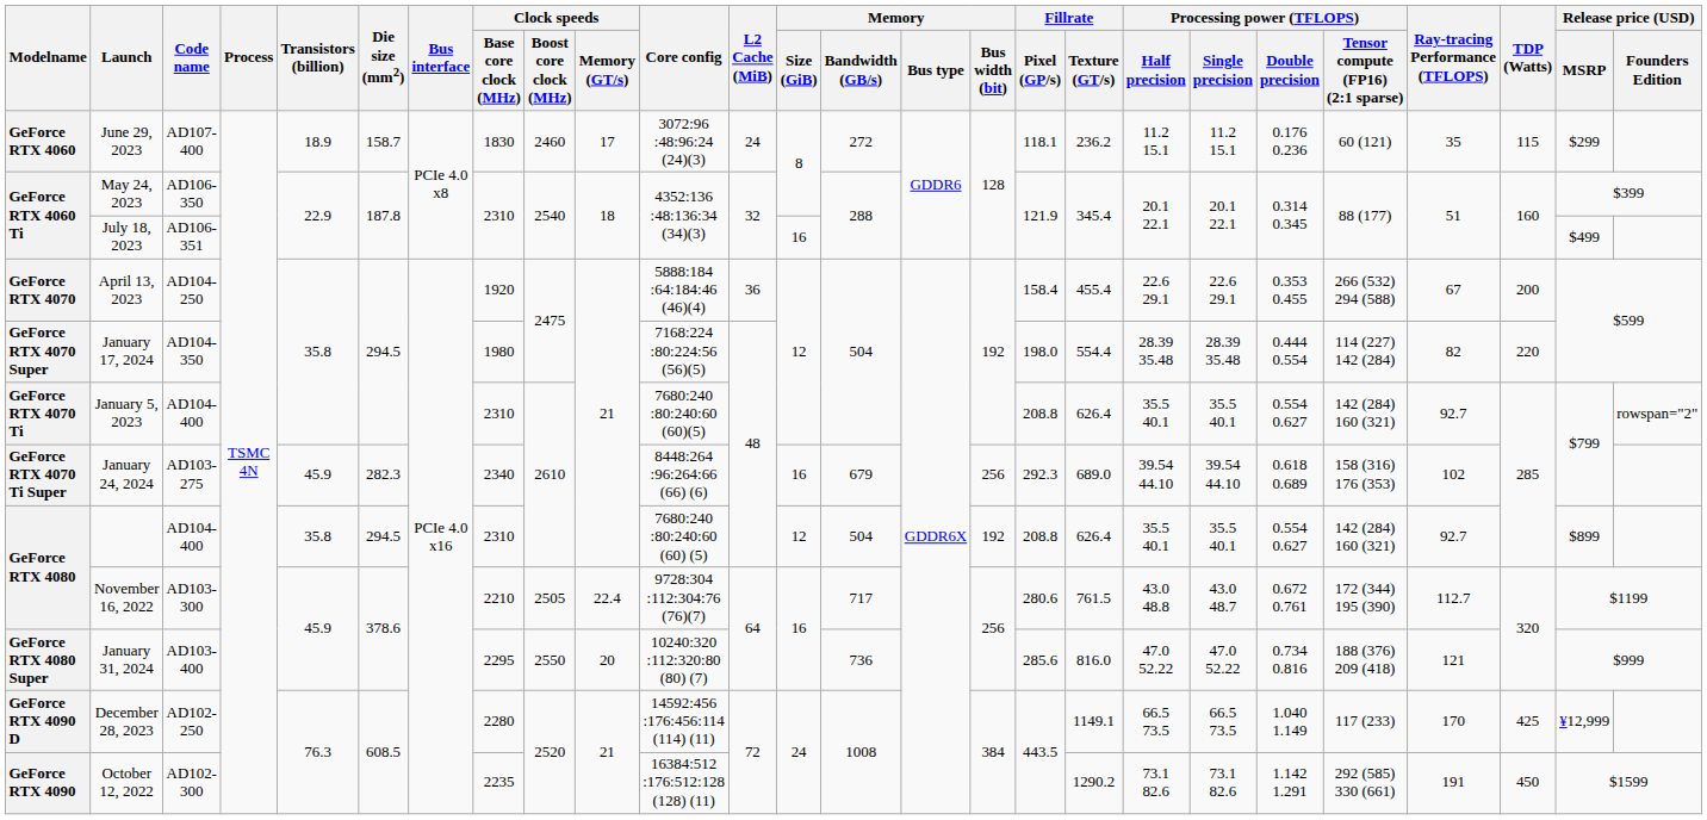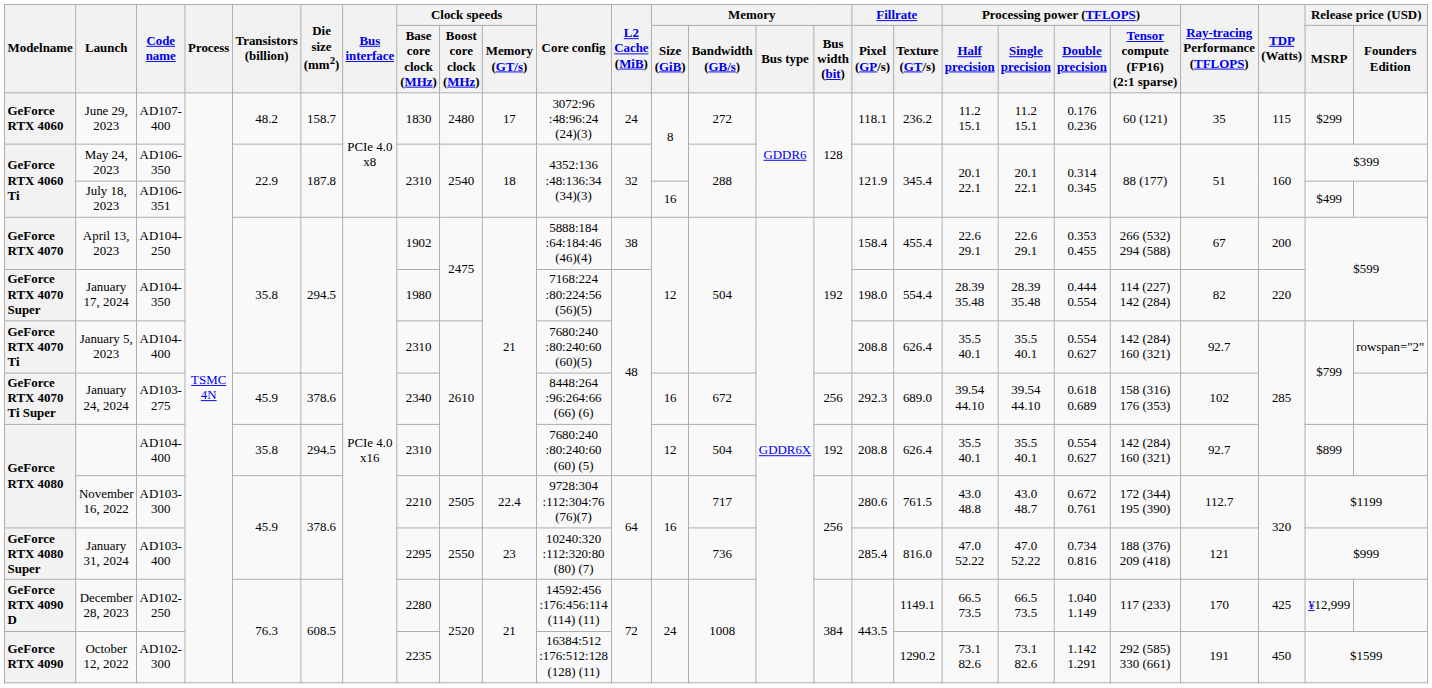 <table class="mw-datatable wikitable sortable sort-under" style="font-size:85%; text-align:center;">
 <tr>
 <th rowspan="2">Modelname</th>
 <th rowspan="2">Launch</th>
 <th rowspan="2"><a href='#'>Code name</a></th>
 <th rowspan="2">Process</th>
 <th rowspan="2">Transistors (billion)</th>
 <th rowspan="2">Die size (mm<sup>2</sup>)</th>
 <th rowspan="2"><a href='#'>Bus</a> <a href='#'>interface</a></th>
 <th colspan="3">Clock speeds</th>
 <th rowspan="2">Core config </th>
 <th rowspan="2"><a href='#'>L2 Cache</a> (<a href='#'>MiB</a>)</th>
 <th colspan="4">Memory</th>
 <th colspan="2"><a href='#'>Fillrate</a></th>
 <th colspan="4">Processing power (<a href='#'>TFLOPS</a>)</th>
 <th rowspan="2"><a href='#'>Ray-tracing</a> Performance (<a href='#'>TFLOPS</a>)</th>
 <th rowspan="2"><a href='#'>TDP</a> (Watts)</th>
 <th colspan="2">Release price (USD)</th>
 </tr>
 <tr>
 <th>Base core clock (<a href='#'>MHz</a>)</th>
 <th>Boost core clock (<a href='#'>MHz</a>)</th>
 <th>Memory (<a href='#'>GT/s</a>)</th>
 <th>Size (<a href='#'>GiB</a>)</th>
 <th>Bandwidth (<a href='#'>GB/s</a>)</th>
 <th>Bus type</th>
 <th>Bus width (<a href='#'>bit</a>)</th>
 <th>Pixel (<a href='#'>GP</a>/s)</th>
 <th>Texture (<a href='#'>GT</a>/s)</th>
 <th><a href='#'>Half precision</a></th>
 <th><a href='#'>Single precision</a></th>
 <th><a href='#'>Double precision</a></th>
 <th><a href='#'>Tensor</a> compute (FP16) (2:1 sparse)</th>
 <th>MSRP</th>
 <th>Founders Edition</th>
 </tr>
 <tr>
 <th style="text-align:left;">GeForce RTX 4060 </th>
 <td>June 29, 2023</td>
 <td>AD107-400</td>
 <td rowspan="12"><a href='#'>TSMC</a> <a href='#'>4N</a></td>
-<td>18.9</td>
+<td>48.2</td>
 <td>158.7</td>
 <td rowspan="3">PCIe 4.0 x8</td>
 <td>1830</td>
-<td>2460</td>
+<td>2480</td>
 <td>17</td>
 <td>3072:96 :48:96:24 <br>(24)(3)</td>
 <td>24</td>
 <td rowspan="2">8</td>
 <td>272</td>
 <td rowspan="3"><a href='#'>GDDR6</a></td>
 <td rowspan="3">128</td>
 <td>118.1</td>
 <td>236.2</td>
 <td>11.2<br>15.1</td>
 <td>11.2<br>15.1</td>
 <td>0.176<br>0.236</td>
 <td>60 (121)</td>
 <td>35</td>
 <td>115</td>
 <td>$299</td>
 <td></td>
 </tr>
 <tr>
 <th rowspan="2" style="text-align:left;">GeForce RTX 4060 Ti </th>
 <td>May 24, 2023</td>
 <td>AD106-350</td>
 <td rowspan="2">22.9</td>
 <td rowspan="2">187.8</td>
 <td rowspan="2">2310</td>
 <td rowspan="2">2540</td>
 <td rowspan="2">18</td>
 <td rowspan="2">4352:136 :48:136:34 <br>(34)(3)</td>
 <td rowspan="2">32</td>
 <td rowspan="2">288</td>
 <td rowspan="2">121.9</td>
 <td rowspan="2">345.4</td>
 <td rowspan="2">20.1<br>22.1</td>
 <td rowspan="2">20.1<br>22.1</td>
 <td rowspan="2">0.314<br>0.345</td>
 <td rowspan="2">88 (177)</td>
 <td rowspan="2">51</td>
 <td rowspan="2">160</td>
 <td colspan="2">$399</td>
 </tr>
 <tr>
 <td>July 18, 2023</td>
 <td>AD106-351</td>
 <td>16</td>
 <td>$499</td>
 <td></td>
 </tr>
 <tr>
 <th style="text-align:left;">GeForce RTX 4070 </th>
 <td>April 13, 2023</td>
 <td>AD104-250</td>
 <td rowspan="3">35.8</td>
 <td rowspan="3">294.5</td>
 <td rowspan="9">PCIe 4.0 x16</td>
-<td>1920</td>
+<td>1902</td>
 <td rowspan="2">2475</td>
 <td rowspan="5">21</td>
 <td>5888:184 :64:184:46 <br>(46)(4)</td>
-<td>36</td>
+<td>38</td>
 <td rowspan="3">12</td>
 <td rowspan="3">504</td>
 <td rowspan="9"><a href='#'>GDDR6X</a></td>
 <td rowspan="3">192</td>
 <td>158.4</td>
 <td>455.4</td>
 <td>22.6<br>29.1</td>
 <td>22.6<br>29.1</td>
 <td>0.353<br>0.455</td>
 <td>266 (532)<br>294 (588)</td>
 <td>67</td>
 <td>200</td>
 <td colspan="2" rowspan="2">$599</td>
 </tr>
 <tr>
 <th style="text-align:left;">GeForce RTX 4070 Super </th>
 <td>January 17, 2024</td>
 <td>AD104-350</td>
 <td>1980</td>
 <td>7168:224 :80:224:56 <br>(56)(5)</td>
 <td rowspan="4">48</td>
 <td>198.0</td>
 <td>554.4</td>
 <td>28.39<br>35.48</td>
 <td>28.39<br>35.48</td>
 <td>0.444<br>0.554</td>
 <td>114 (227)<br>142 (284)</td>
 <td>82</td>
 <td>220</td>
 </tr>
 <tr>
 <th style="text-align:left;">GeForce RTX 4070 Ti </th>
 <td>January 5, 2023</td>
 <td>AD104-400</td>
 <td>2310</td>
 <td rowspan="3">2610</td>
 <td>7680:240 :80:240:60 <br>(60)(5)</td>
 <td>208.8</td>
 <td>626.4</td>
 <td>35.5<br>40.1</td>
 <td>35.5<br>40.1</td>
 <td>0.554<br>0.627</td>
 <td>142 (284)<br>160 (321)</td>
 <td>92.7</td>
 <td rowspan="3">285</td>
 <td rowspan="2">$799</td>
 <td>rowspan="2" </td>
 </tr>
 <tr>
 <th style="text-align:left;">GeForce RTX 4070 Ti Super </th>
 <td>January 24, 2024</td>
 <td>AD103-275</td>
 <td>45.9</td>
-<td>282.3</td>
+<td>378.6</td>
 <td>2340</td>
 <td>8448:264 :96:264:66 <br>(66) (6)</td>
 <td>16</td>
-<td>679</td>
+<td>672</td>
 <td>256</td>
 <td>292.3</td>
 <td>689.0</td>
 <td>39.54<br>44.10</td>
 <td>39.54<br>44.10</td>
 <td>0.618<br>0.689</td>
 <td>158 (316)<br>176 (353)</td>
 <td>102</td>
 </tr>
 <tr>
 <th rowspan="2" style="text-align:left;">GeForce RTX 4080 </th>
 <td> </td>
 <td>AD104-400</td>
 <td>35.8</td>
 <td>294.5</td>
 <td>2310</td>
 <td>7680:240 :80:240:60 <br>(60) (5)</td>
 <td>12</td>
 <td>504</td>
 <td>192</td>
 <td>208.8</td>
 <td>626.4</td>
 <td>35.5<br>40.1</td>
 <td>35.5<br>40.1</td>
 <td>0.554<br>0.627</td>
 <td>142 (284)<br>160 (321)</td>
 <td>92.7</td>
 <td>$899</td>
 <td></td>
 </tr>
 <tr>
 <td>November 16, 2022</td>
 <td>AD103-300</td>
 <td rowspan="2">45.9</td>
 <td rowspan="2">378.6</td>
 <td>2210</td>
 <td>2505</td>
 <td>22.4</td>
 <td>9728:304 :112:304:76 <br>(76)(7)</td>
 <td rowspan="2">64</td>
 <td rowspan="2">16</td>
 <td>717</td>
 <td rowspan="2">256</td>
 <td>280.6</td>
 <td>761.5</td>
 <td>43.0<br>48.8</td>
 <td>43.0<br>48.7</td>
 <td>0.672<br>0.761</td>
 <td>172 (344)<br>195 (390)</td>
 <td>112.7</td>
 <td rowspan="2">320</td>
 <td colspan="2">$1199</td>
 </tr>
 <tr>
 <th style="text-align:left;">GeForce RTX 4080 Super </th>
 <td>January 31, 2024</td>
 <td>AD103-400</td>
 <td>2295</td>
 <td>2550</td>
-<td>20</td>
+<td>23</td>
 <td>10240:320 :112:320:80 <br>(80) (7)</td>
 <td>736</td>
-<td>285.6</td>
+<td>285.4</td>
 <td>816.0</td>
 <td>47.0<br>52.22</td>
 <td>47.0<br>52.22</td>
 <td>0.734<br>0.816</td>
 <td>188 (376)<br>209 (418)</td>
 <td>121</td>
 <td colspan="2">$999</td>
 </tr>
 <tr>
 <th style="text-align:left;">GeForce RTX 4090 D </th>
 <td>December 28, 2023</td>
 <td>AD102-250</td>
 <td rowspan="2">76.3</td>
 <td rowspan="2">608.5</td>
 <td>2280</td>
 <td rowspan="2">2520</td>
 <td rowspan="2">21</td>
 <td>14592:456 :176:456:114 <br>(114) (11)</td>
 <td rowspan="2">72</td>
 <td rowspan="2">24</td>
 <td rowspan="2">1008</td>
 <td rowspan="2">384</td>
 <td rowspan="2">443.5</td>
 <td>1149.1</td>
 <td>66.5<br>73.5</td>
 <td>66.5<br>73.5</td>
 <td>1.040<br>1.149</td>
 <td>117 (233)</td>
 <td>170</td>
 <td>425</td>
 <td><a href='#'>¥</a>12,999</td>
 <td></td>
 </tr>
 <tr>
 <th style="text-align:left;">GeForce RTX 4090 </th>
 <td>October 12, 2022</td>
 <td>AD102-300</td>
 <td>2235</td>
 <td>16384:512 :176:512:128 <br>(128) (11)</td>
 <td>1290.2</td>
 <td>73.1<br>82.6</td>
 <td>73.1<br>82.6</td>
 <td>1.142<br>1.291</td>
 <td>292 (585)<br>330 (661)</td>
 <td>191</td>
 <td>450</td>
 <td colspan="2">$1599</td>
 </tr>
 </table>
